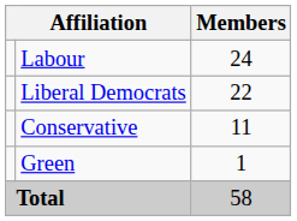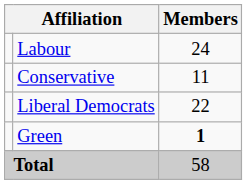 <table class="wikitable">
 <tr>
 <th colspan="2">Affiliation</th>
 <th>Members</th>
 </tr>
 <tr>
 <td style="color:inherit;background:"></td>
 <td><a href='#'>Labour</a></td>
 <td style="text-align:center;">24</td>
 </tr>
 <tr>
 <td style="color:inherit;background:"></td>
+<td><a href='#'>Conservative</a></td>
+<td style="text-align:center;">11</td>
+</tr>
+<tr>
+<td style="color:inherit;background:"></td>
 <td><a href='#'>Liberal Democrats</a></td>
 <td style="text-align:center;">22</td>
 </tr>
 <tr>
 <td style="color:inherit;background:"></td>
-<td><a href='#'>Conservative</a></td>
-<td style="text-align:center;">11</td>
-</tr>
-<tr>
-<td style="color:inherit;background:"></td>
 <td><a href='#'>Green</a></td>
-<td style="text-align:center;">1</td>
+<td style="text-align:center;"><strong>1</strong></td>
 </tr>
 <tr style="background:#ccc;">
 <td colspan="2"> <strong>Total</strong></td>
 <td style="text-align:center;">58</td>
 </tr>
 </table>
